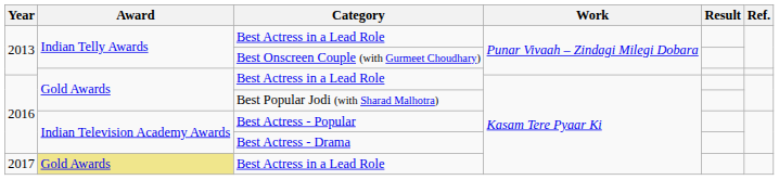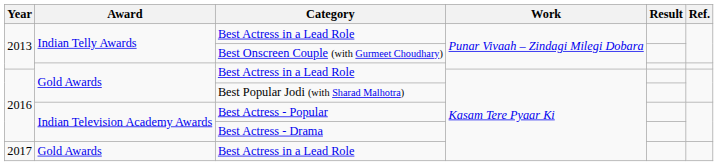 <table class="wikitable">
 <tr>
 <th>Year</th>
 <th>Award</th>
 <th>Category</th>
 <th>Work</th>
 <th>Result</th>
 <th>Ref.</th>
 </tr>
 <tr>
 <td rowspan="3">2013</td>
 <td rowspan="2"><a href='#'>Indian Telly Awards</a></td>
 <td><a href='#'>Best Actress in a Lead Role</a></td>
 <td rowspan="3"><em><a href='#'>Punar Vivaah – Zindagi Milegi Dobara</a></em></td>
 <td></td>
 <td rowspan="2"></td>
 </tr>
 <tr>
 <td><a href='#'>Best Onscreen Couple</a> <small>(with <a href='#'>Gurmeet Choudhary</a>)</small></td>
 <td></td>
 </tr>
 <tr>
 <td rowspan="3"><a href='#'>Gold Awards</a></td>
 <td rowspan="2"><a href='#'>Best Actress in a Lead Role</a></td>
 <td></td>
 <td></td>
 </tr>
 <tr>
 <td rowspan="4">2016</td>
 <td rowspan="5"><em><a href='#'>Kasam Tere Pyaar Ki</a></em></td>
 <td></td>
 <td rowspan="2"></td>
 </tr>
 <tr>
 <td>Best Popular Jodi <small>(with <a href='#'>Sharad Malhotra</a>)</small></td>
 <td></td>
 </tr>
 <tr>
 <td rowspan="2"><a href='#'>Indian Television Academy Awards</a></td>
 <td><a href='#'>Best Actress - Popular</a></td>
 <td></td>
 <td rowspan="2"></td>
 </tr>
 <tr>
 <td><a href='#'>Best Actress - Drama</a></td>
 <td></td>
 </tr>
 <tr>
 <td>2017</td>
-<td style="background: khaki;"><a href='#'>Gold Awards</a></td>
+<td><a href='#'>Gold Awards</a></td>
 <td><a href='#'>Best Actress in a Lead Role</a></td>
 <td></td>
 <td></td>
 </tr>
 </table>
